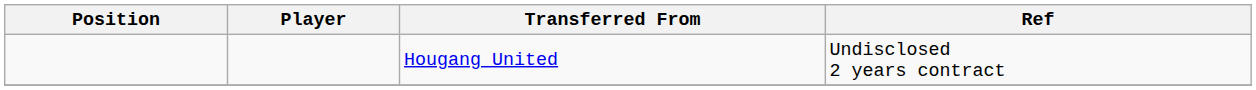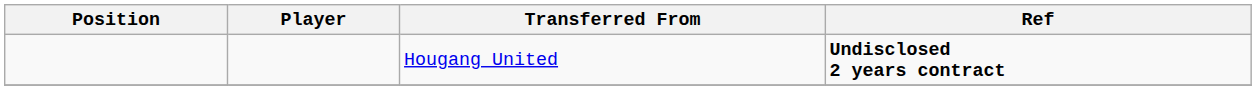 <table class="wikitable sortable" style="width:70%; text-align:center; font-size:100%; text-align:left;">
 <tr>
 <th><strong>Position</strong></th>
 <th><strong>Player</strong></th>
 <th><strong>Transferred From</strong></th>
 <th><strong>Ref</strong></th>
 </tr>
 <tr>
 <td></td>
 <td></td>
 <td> <a href='#'>Hougang United</a></td>
-<td>Undisclosed <br> 2 years contract </td>
+<td><strong>Undisclosed <br> 2 years contract </strong></td>
 </tr>
 <tr>
 </tr>
 </table>
